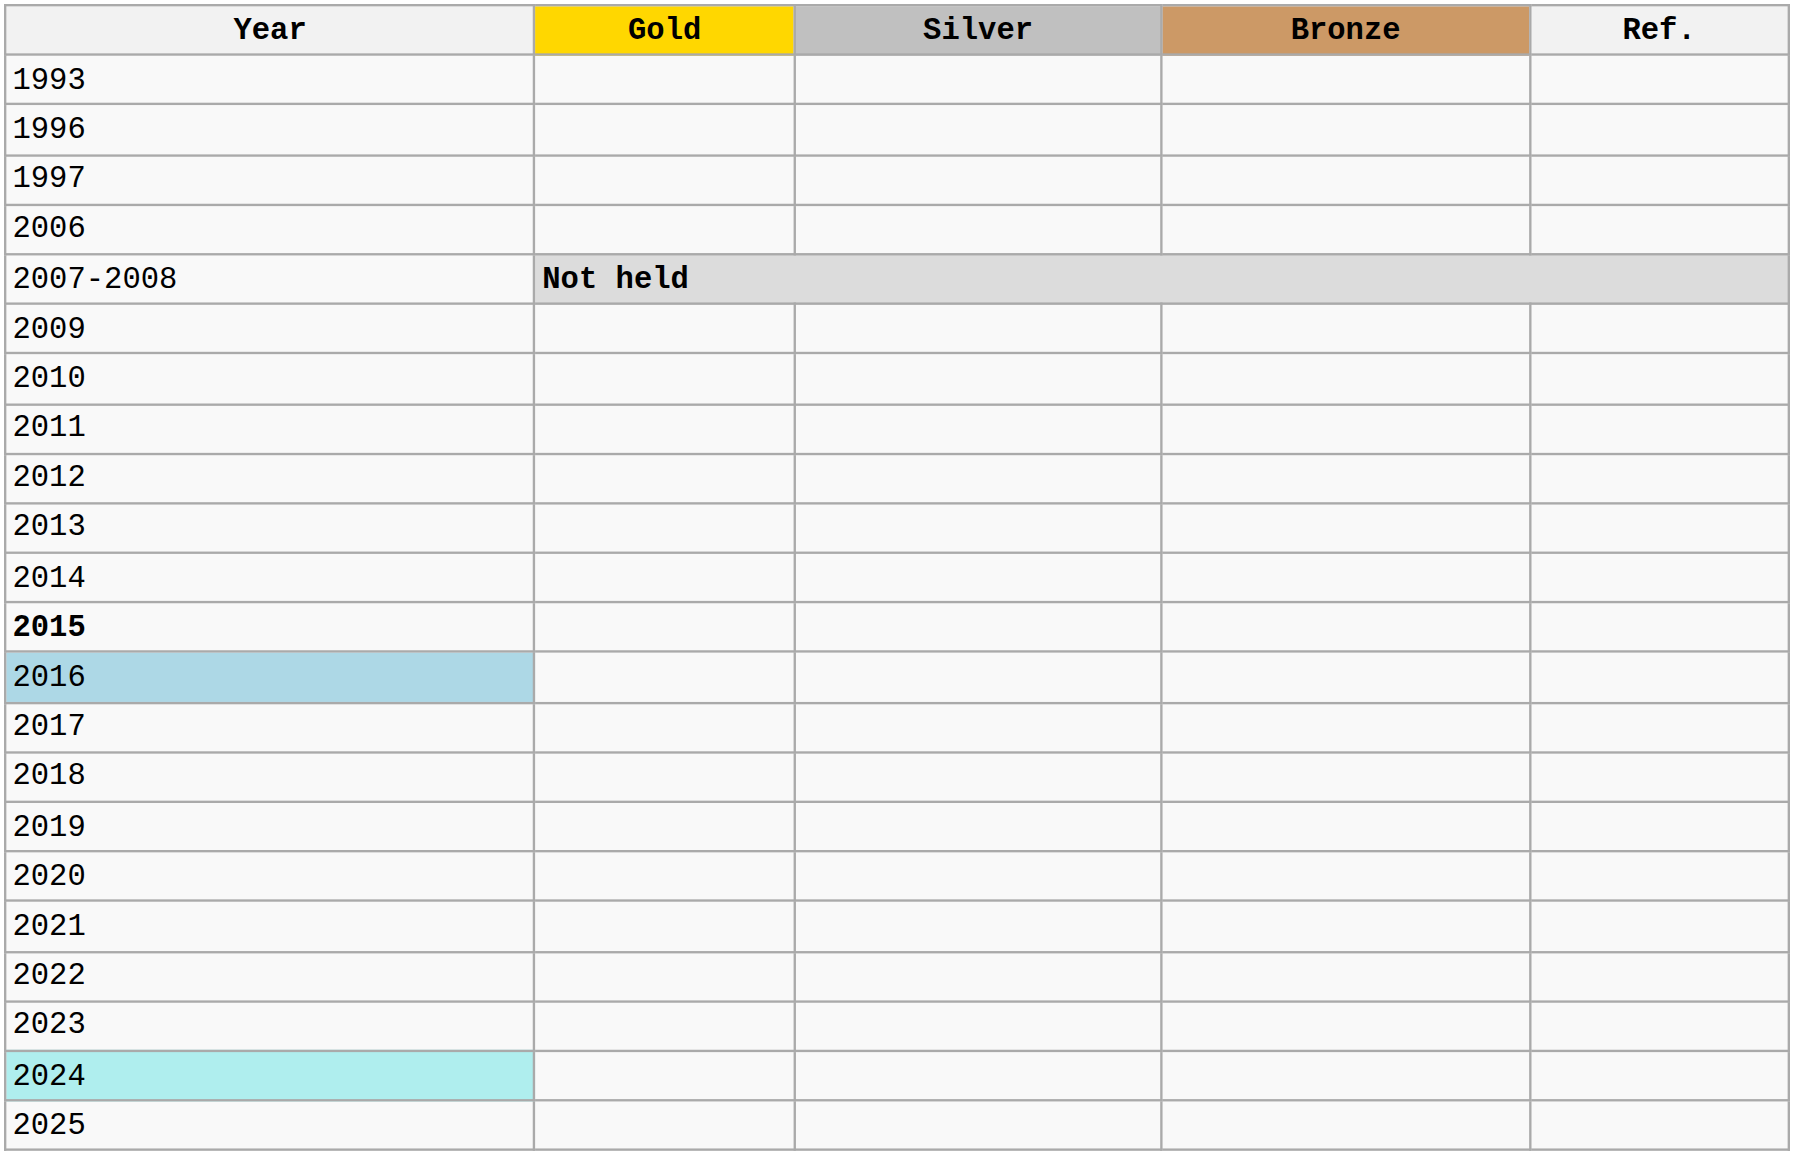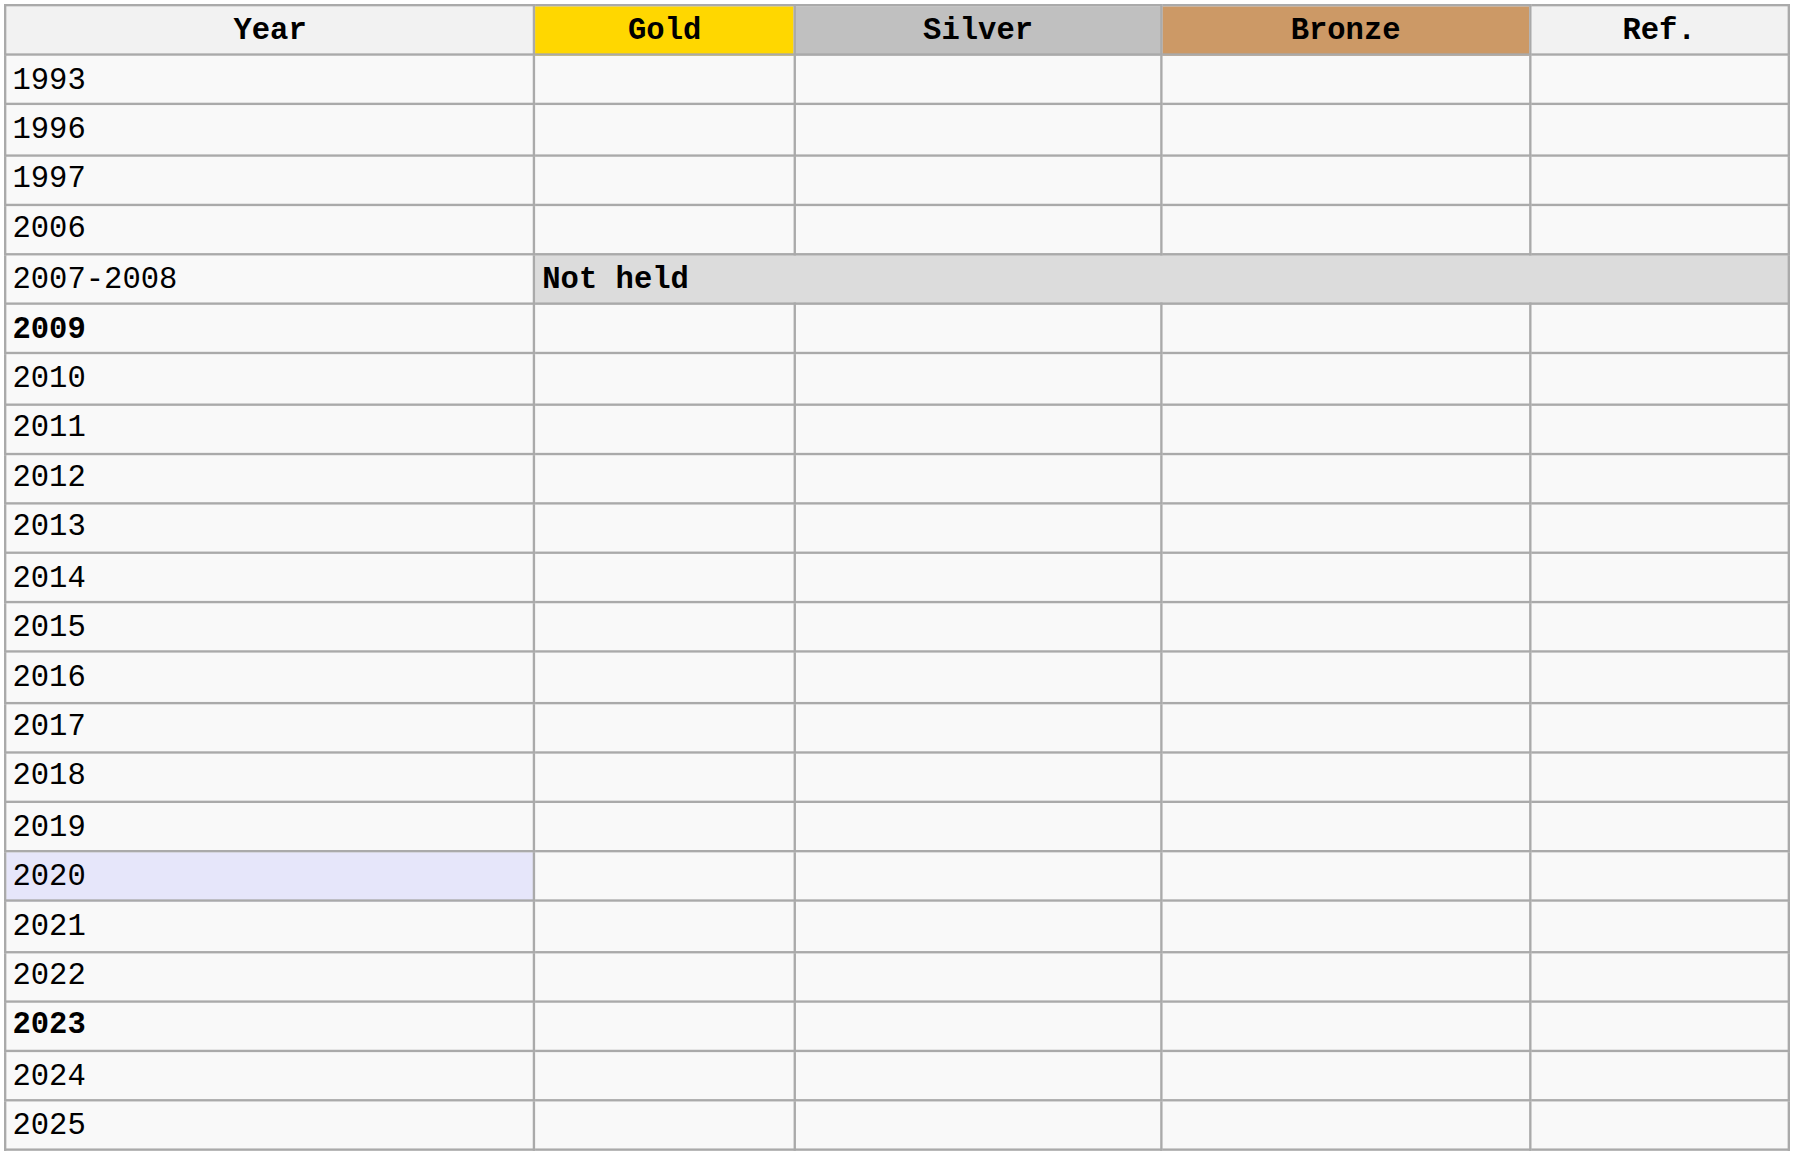 <table class="wikitable sortable" style="width: 760px;">
 <tr>
 <th scope=col>Year</th>
 <th scope=col style="background-color:Gold">Gold</th>
 <th scope=col style="background-color:Silver">Silver</th>
 <th scope=col style="background-color:#cc9966">Bronze</th>
 <th class=unsortable>Ref.</th>
 </tr>
 <tr>
 <td>1993</td>
 <td></td>
 <td></td>
 <td></td>
 <td></td>
 </tr>
 <tr>
 <td>1996</td>
 <td></td>
 <td></td>
 <td></td>
 <td></td>
 </tr>
 <tr>
 <td>1997</td>
 <td></td>
 <td></td>
 <td></td>
 <td></td>
 </tr>
 <tr>
 <td>2006</td>
 <td></td>
 <td></td>
 <td></td>
 <td></td>
 </tr>
 <tr>
 <td>2007-2008</td>
 <th colspan="4" style="text-align:left; background:#DCDCDC; "><span> <strong>Not held</strong></span></th>
 </tr>
 <tr>
-<td>2009</td>
+<td><strong>2009</strong></td>
 <td></td>
 <td></td>
 <td></td>
 <td></td>
 </tr>
 <tr>
 <td>2010</td>
 <td></td>
 <td></td>
 <td></td>
 <td></td>
 </tr>
 <tr>
 <td>2011</td>
 <td></td>
 <td></td>
 <td></td>
 <td></td>
 </tr>
 <tr>
 <td>2012</td>
 <td></td>
 <td></td>
 <td></td>
 <td></td>
 </tr>
 <tr>
 <td>2013</td>
 <td></td>
 <td></td>
 <td></td>
 <td></td>
 </tr>
 <tr>
 <td>2014</td>
 <td></td>
 <td></td>
 <td></td>
 <td></td>
 </tr>
 <tr>
-<td><strong>2015</strong></td>
+<td>2015</td>
 <td></td>
 <td></td>
 <td></td>
 <td></td>
 </tr>
 <tr>
-<td style="background: lightblue;">2016</td>
+<td>2016</td>
 <td></td>
 <td></td>
 <td></td>
 <td></td>
 </tr>
 <tr>
 <td>2017</td>
 <td></td>
 <td></td>
 <td></td>
 <td></td>
 </tr>
 <tr>
 <td>2018</td>
 <td></td>
 <td></td>
 <td></td>
 <td></td>
 </tr>
 <tr>
 <td>2019</td>
 <td></td>
 <td></td>
 <td></td>
 <td></td>
 </tr>
 <tr>
-<td>2020</td>
+<td style="background: lavender;">2020</td>
 <td></td>
 <td></td>
 <td></td>
 <td></td>
 </tr>
 <tr>
 <td>2021</td>
 <td></td>
 <td></td>
 <td></td>
 <td></td>
 </tr>
 <tr>
 <td>2022</td>
 <td></td>
 <td></td>
 <td></td>
 <td></td>
 </tr>
 <tr>
-<td>2023</td>
+<td><strong>2023</strong></td>
 <td></td>
 <td></td>
 <td></td>
 <td></td>
 </tr>
 <tr>
-<td style="background: paleturquoise;">2024</td>
+<td>2024</td>
 <td></td>
 <td></td>
 <td></td>
 <td></td>
 </tr>
 <tr>
 <td>2025</td>
 <td></td>
 <td></td>
 <td></td>
 <td></td>
 </tr>
 </table>
